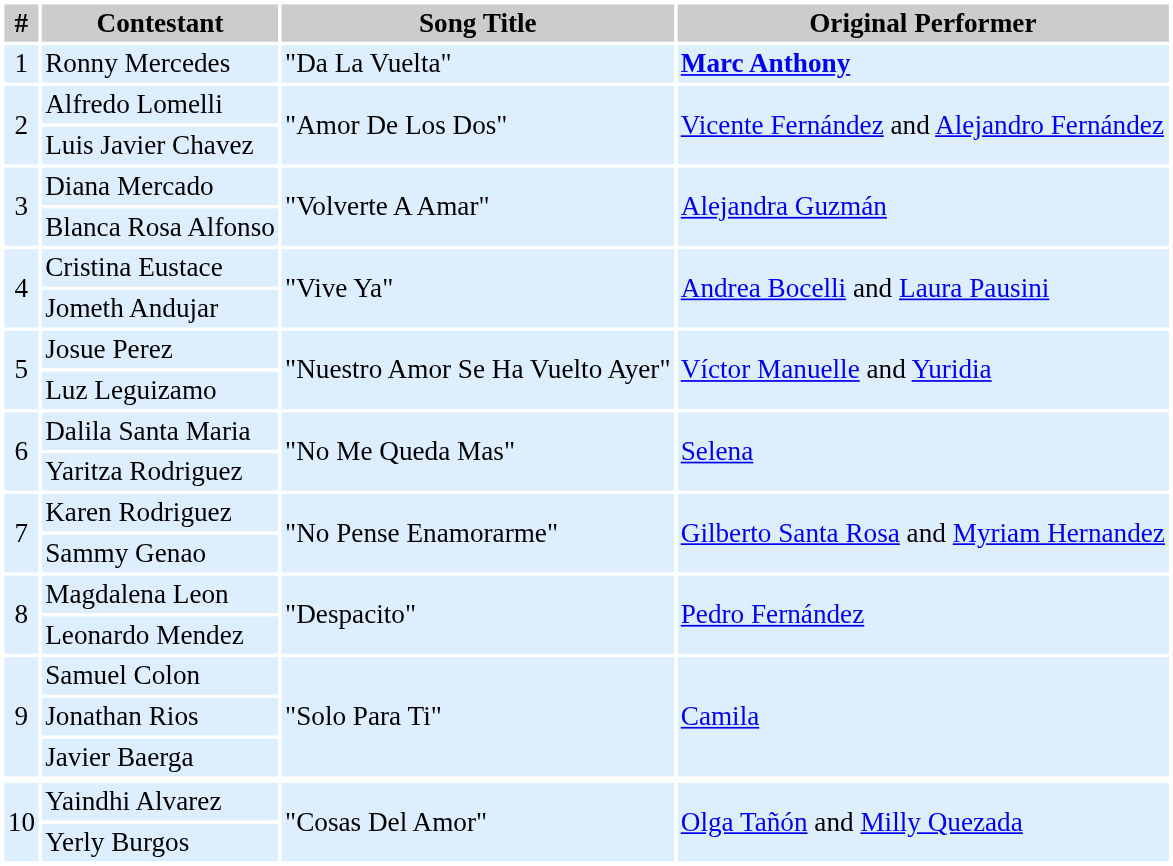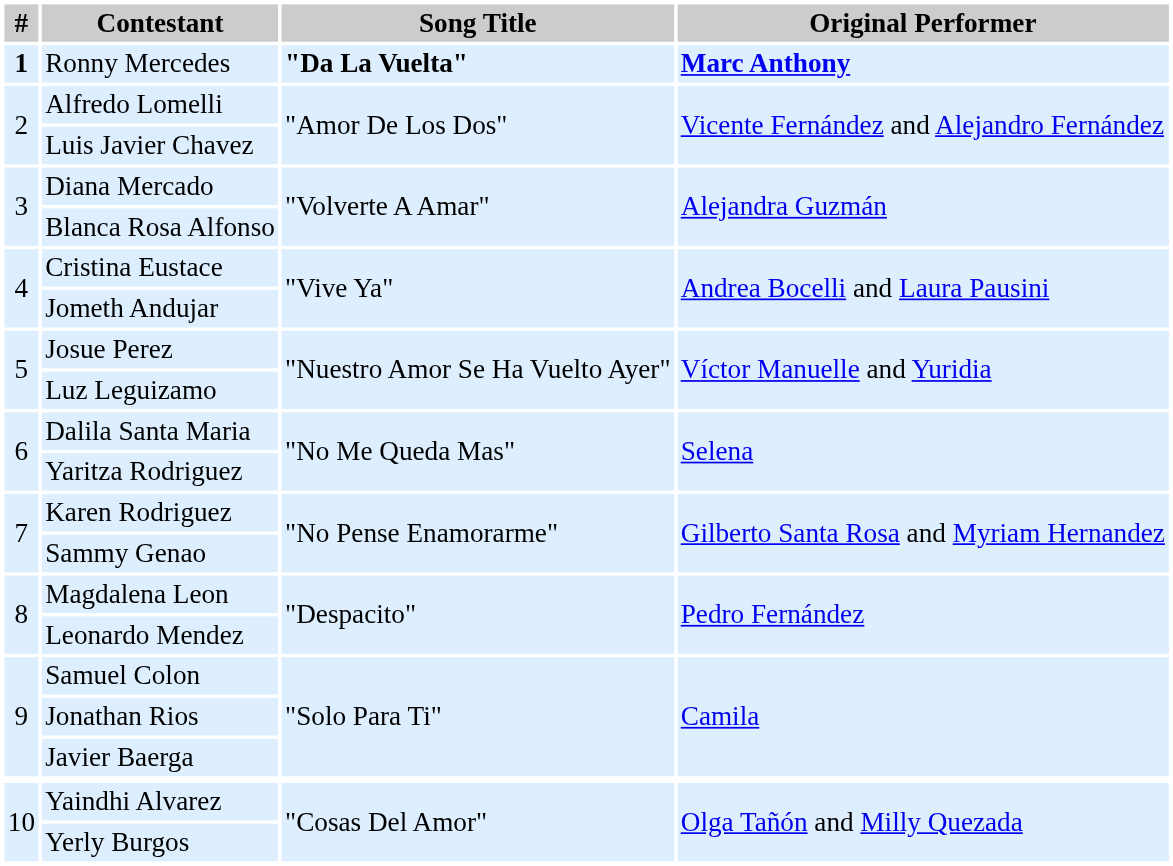 <table cellpadding=2 cellspacing=2>
 <tr bgcolor=#cccccc>
 <th>#</th>
 <th>Contestant</th>
 <th>Song Title</th>
 <th>Original Performer</th>
 </tr>
 <tr bgcolor=#DDEEFF>
-<td align=center>1</td>
+<td align=center><strong>1</strong></td>
 <td>Ronny Mercedes</td>
-<td>"Da La Vuelta"</td>
+<td><strong>"Da La Vuelta"</strong></td>
 <td><strong><a href='#'>Marc Anthony</a></strong></td>
 </tr>
 <tr bgcolor=#DDEEFF>
 <td rowspan="2" align=center>2</td>
 <td>Alfredo Lomelli</td>
 <td rowspan="2">"Amor De Los Dos"</td>
 <td rowspan="2"><a href='#'>Vicente Fernández</a> and <a href='#'>Alejandro Fernández</a></td>
 </tr>
 <tr bgcolor=#DDEEFF>
 <td>Luis Javier Chavez</td>
 </tr>
 <tr bgcolor=#DDEEFF>
 <td rowspan="2" align=center>3</td>
 <td>Diana Mercado</td>
 <td rowspan="2">"Volverte A Amar"</td>
 <td rowspan="2"><a href='#'>Alejandra Guzmán</a></td>
 </tr>
 <tr bgcolor=#DDEEFF>
 <td>Blanca Rosa Alfonso</td>
 </tr>
 <tr bgcolor=#DDEEFF>
 <td rowspan="2" align=center>4</td>
 <td>Cristina Eustace</td>
 <td rowspan="2">"Vive Ya"</td>
 <td rowspan="2"><a href='#'>Andrea Bocelli</a> and <a href='#'>Laura Pausini</a></td>
 </tr>
 <tr bgcolor=#DDEEFF>
 <td>Jometh Andujar</td>
 </tr>
 <tr bgcolor=#DDEEFF>
 <td rowspan="2" align=center>5</td>
 <td>Josue Perez</td>
 <td rowspan="2">"Nuestro Amor Se Ha Vuelto Ayer"</td>
 <td rowspan="2"><a href='#'>Víctor Manuelle</a> and <a href='#'>Yuridia</a></td>
 </tr>
 <tr bgcolor=#DDEEFF>
 <td>Luz Leguizamo</td>
 </tr>
 <tr bgcolor=#DDEEFF>
 <td rowspan="2" align=center>6</td>
 <td>Dalila Santa Maria</td>
 <td rowspan="2">"No Me Queda Mas"</td>
 <td rowspan="2"><a href='#'>Selena</a></td>
 </tr>
 <tr bgcolor=#DDEEFF>
 <td>Yaritza Rodriguez</td>
 </tr>
 <tr bgcolor=#DDEEFF>
 <td rowspan="2" align=center>7</td>
 <td>Karen Rodriguez</td>
 <td rowspan="2">"No Pense Enamorarme"</td>
 <td rowspan="2"><a href='#'>Gilberto Santa Rosa</a> and <a href='#'>Myriam Hernandez</a></td>
 </tr>
 <tr bgcolor=#DDEEFF>
 <td>Sammy Genao</td>
 </tr>
 <tr bgcolor=#DDEEFF>
 <td rowspan="2" align=center>8</td>
 <td>Magdalena Leon</td>
 <td rowspan="2">"Despacito"</td>
 <td rowspan="2"><a href='#'>Pedro Fernández</a></td>
 </tr>
 <tr bgcolor=#DDEEFF>
 <td>Leonardo Mendez</td>
 </tr>
 <tr bgcolor=#DDEEFF>
 <td rowspan="3" align=center>9</td>
 <td>Samuel Colon</td>
 <td rowspan="3">"Solo Para Ti"</td>
 <td rowspan="3"><a href='#'>Camila</a></td>
 </tr>
 <tr bgcolor=#DDEEFF>
 <td>Jonathan Rios</td>
 </tr>
 <tr bgcolor=#DDEEFF>
 <td>Javier Baerga</td>
 </tr>
 <tr bgcolor=#DDEEFF>
 </tr>
 <tr bgcolor=#DDEEFF>
 <td rowspan="2" align=center>10</td>
 <td>Yaindhi Alvarez</td>
 <td rowspan="2">"Cosas Del Amor"</td>
 <td rowspan="2"><a href='#'>Olga Tañón</a> and <a href='#'>Milly Quezada</a></td>
 </tr>
 <tr bgcolor=#DDEEFF>
 <td>Yerly Burgos</td>
 </tr>
 <tr bgcolor=#DDEEFF>
 </tr>
 </table>
